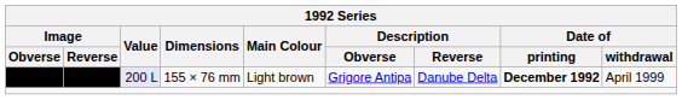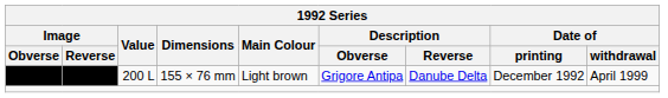 <table class="wikitable" style="font-size: 90%">
 <tr>
 <th colspan=9>1992 Series</th>
 </tr>
 <tr>
 <th colspan=2>Image</th>
 <th rowspan=2>Value</th>
 <th rowspan=2>Dimensions</th>
 <th rowspan=2>Main Colour</th>
 <th colspan=2>Description</th>
 <th colspan=2>Date of</th>
 </tr>
 <tr>
 <th>Obverse</th>
 <th>Reverse</th>
 <th>Obverse</th>
 <th>Reverse</th>
 <th>printing</th>
 <th>withdrawal</th>
 </tr>
 <tr>
 <td align=right bgcolor="#000000"></td>
 <td align=left bgcolor="#000000"></td>
-<td align=right style="background: lavender;">200 L</td>
+<td align=right>200 L</td>
 <td>155 × 76 mm</td>
 <td>Light brown</td>
 <td><a href='#'>Grigore Antipa</a></td>
 <td><a href='#'>Danube Delta</a></td>
-<td><strong>December 1992</strong></td>
+<td>December 1992</td>
 <td>April 1999</td>
 </tr>
 <tr>
 <td colspan=9></td>
 </tr>
 </table>
